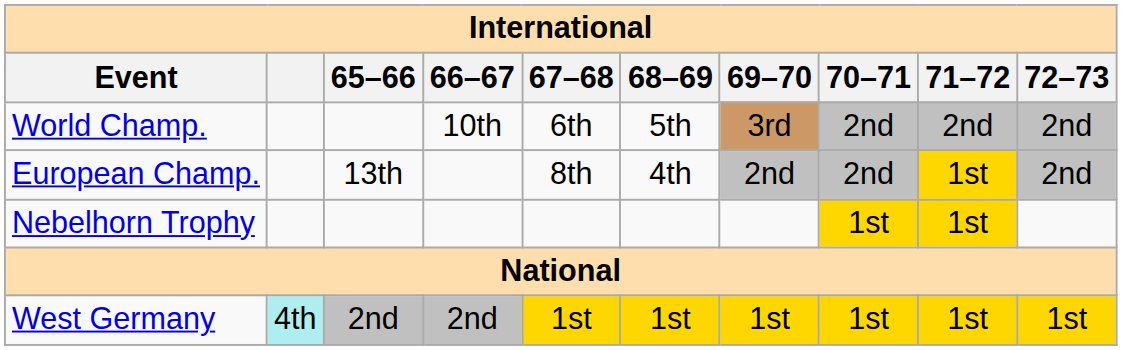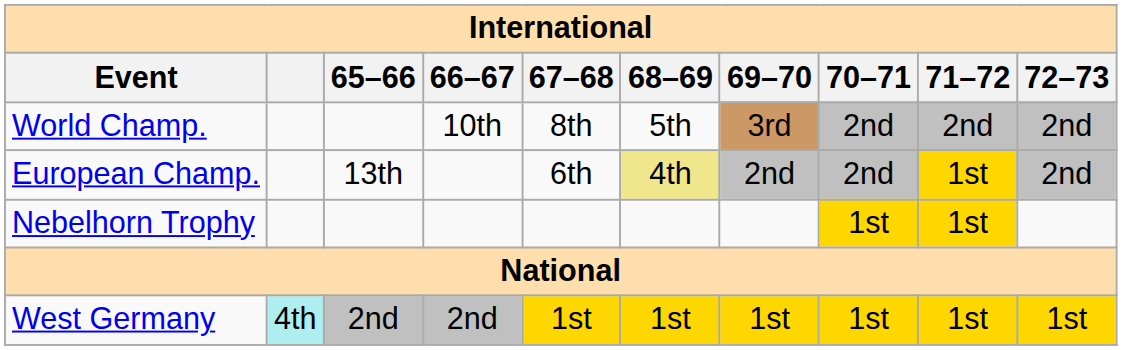 <table class="wikitable" style="text-align:center">
 <tr>
 <th style="background-color: #ffdead; " colspan=10 align=center>International</th>
 </tr>
 <tr>
 <th>Event</th>
 <th></th>
 <th>65–66</th>
 <th>66–67</th>
 <th>67–68</th>
 <th>68–69</th>
 <th>69–70</th>
 <th>70–71</th>
 <th>71–72</th>
 <th>72–73</th>
 </tr>
 <tr>
 <td align=left><a href='#'>World Champ.</a></td>
 <td></td>
 <td></td>
 <td>10th</td>
-<td>6th</td>
+<td>8th</td>
 <td>5th</td>
 <td bgcolor=cc9966>3rd</td>
 <td bgcolor=silver>2nd</td>
 <td bgcolor=silver>2nd</td>
 <td bgcolor=silver>2nd</td>
 </tr>
 <tr>
 <td align=left><a href='#'>European Champ.</a></td>
 <td></td>
 <td>13th</td>
 <td></td>
-<td>8th</td>
-<td>4th</td>
+<td>6th</td>
+<td style="background: khaki;">4th</td>
 <td bgcolor=silver>2nd</td>
 <td bgcolor=silver>2nd</td>
 <td bgcolor=gold>1st</td>
 <td bgcolor=silver>2nd</td>
 </tr>
 <tr>
 <td align=left><a href='#'>Nebelhorn Trophy</a></td>
 <td></td>
 <td></td>
 <td></td>
 <td></td>
 <td></td>
 <td></td>
 <td bgcolor=gold>1st</td>
 <td bgcolor=gold>1st</td>
 <td></td>
 </tr>
 <tr>
 <th style="background-color: #ffdead; " colspan=10 align=center>National</th>
 </tr>
 <tr>
 <td align=left><a href='#'>West Germany</a></td>
 <td style="background: paleturquoise;">4th</td>
 <td bgcolor=silver>2nd</td>
 <td bgcolor=silver>2nd</td>
 <td bgcolor=gold>1st</td>
 <td bgcolor=gold>1st</td>
 <td bgcolor=gold>1st</td>
 <td bgcolor=gold>1st</td>
 <td bgcolor=gold>1st</td>
 <td bgcolor=gold>1st</td>
 </tr>
 </table>
